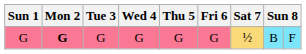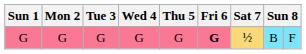 <table class="wikitable" style="margin:0.5em auto; font-size:90%; line-height:1.25em; text-align:center">
 <tr>
 <th>Sun 1</th>
 <th>Mon 2</th>
 <th>Tue 3</th>
 <th>Wed 4</th>
 <th>Thu 5</th>
 <th>Fri 6</th>
 <th>Sat 7</th>
 <th colspan="2">Sun 8</th>
 </tr>
 <tr>
 <td bgcolor="#FA7894">G</td>
-<td bgcolor="#FA7894"><strong>G</strong></td>
 <td bgcolor="#FA7894">G</td>
 <td bgcolor="#FA7894">G</td>
 <td bgcolor="#FA7894">G</td>
 <td bgcolor="#FA7894">G</td>
+<td bgcolor="#FA7894"><strong>G</strong></td>
 <td bgcolor="#FAD978">½</td>
 <td bgcolor="#7DE5FA">B</td>
 <td bgcolor="#7DE5FA">F</td>
 </tr>
 </table>
